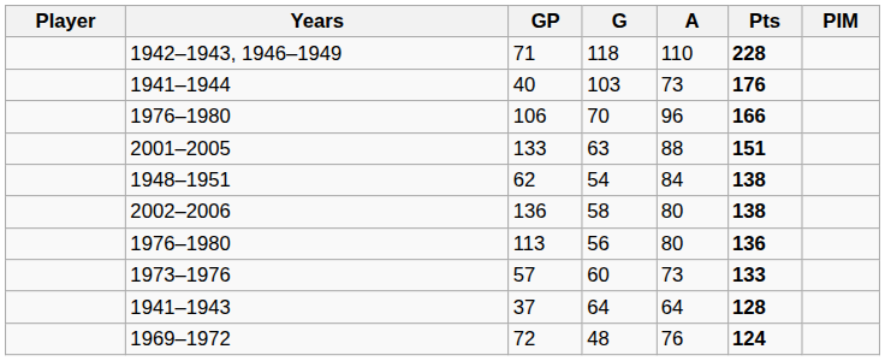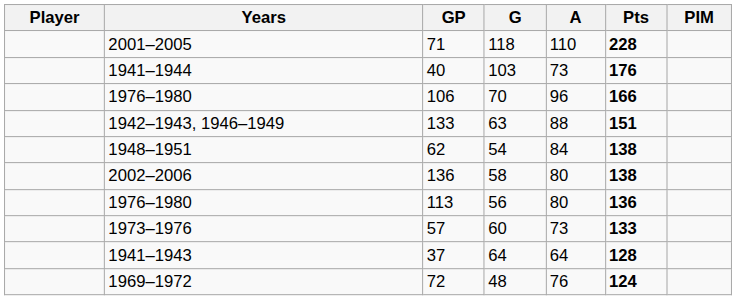 <table class="wikitable sortable" width ="700" cellpadding="1" border="1" cellspacing="0">
 <tr>
 <th>Player</th>
 <th>Years</th>
 <th>GP</th>
 <th>G</th>
 <th>A</th>
 <th>Pts</th>
 <th>PIM</th>
 </tr>
 <tr>
 <td></td>
-<td>1942–1943, 1946–1949</td>
+<td>2001–2005</td>
 <td>71</td>
 <td>118</td>
 <td>110</td>
 <td><strong>228</strong></td>
 <td></td>
 </tr>
 <tr>
 <td></td>
 <td>1941–1944</td>
 <td>40</td>
 <td>103</td>
 <td>73</td>
 <td><strong>176</strong></td>
 <td></td>
 </tr>
 <tr>
 <td></td>
 <td>1976–1980</td>
 <td>106</td>
 <td>70</td>
 <td>96</td>
 <td><strong>166</strong></td>
 <td></td>
 </tr>
 <tr>
 <td></td>
-<td>2001–2005</td>
+<td>1942–1943, 1946–1949</td>
 <td>133</td>
 <td>63</td>
 <td>88</td>
 <td><strong>151</strong></td>
 <td></td>
 </tr>
 <tr>
 <td></td>
 <td>1948–1951</td>
 <td>62</td>
 <td>54</td>
 <td>84</td>
 <td><strong>138</strong></td>
 <td></td>
 </tr>
 <tr>
 <td></td>
 <td>2002–2006</td>
 <td>136</td>
 <td>58</td>
 <td>80</td>
 <td><strong>138</strong></td>
 <td></td>
 </tr>
 <tr>
 <td></td>
 <td>1976–1980</td>
 <td>113</td>
 <td>56</td>
 <td>80</td>
 <td><strong>136</strong></td>
 <td></td>
 </tr>
 <tr>
 <td></td>
 <td>1973–1976</td>
 <td>57</td>
 <td>60</td>
 <td>73</td>
 <td><strong>133</strong></td>
 <td></td>
 </tr>
 <tr>
 <td></td>
 <td>1941–1943</td>
 <td>37</td>
 <td>64</td>
 <td>64</td>
 <td><strong>128</strong></td>
 <td></td>
 </tr>
 <tr>
 <td></td>
 <td>1969–1972</td>
 <td>72</td>
 <td>48</td>
 <td>76</td>
 <td><strong>124</strong></td>
 <td></td>
 </tr>
 </table>
